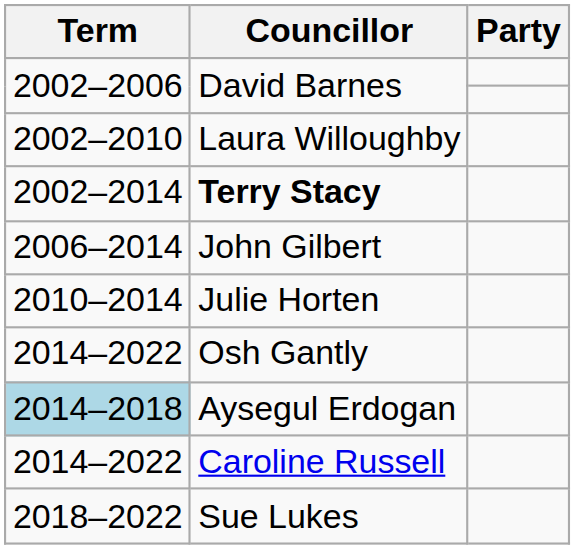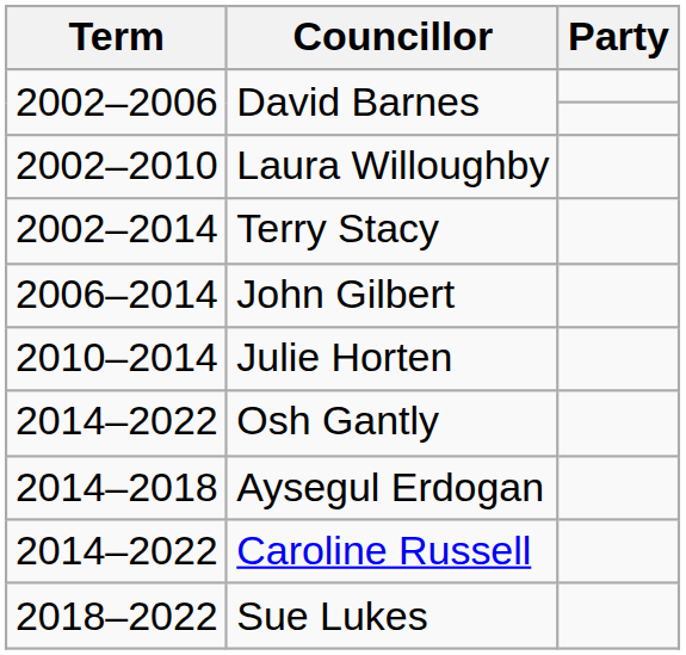 <table class="wikitable">
 <tr>
 <th>Term</th>
 <th>Councillor</th>
 <th colspan=2>Party</th>
 </tr>
 <tr>
 <td rowspan=2>2002–2006</td>
 <td rowspan=2>David Barnes</td>
 <td></td>
 </tr>
 <tr>
 <td></td>
 </tr>
 <tr>
 <td>2002–2010</td>
 <td>Laura Willoughby</td>
 <td></td>
 </tr>
 <tr>
 <td>2002–2014</td>
-<td><strong>Terry Stacy</strong></td>
+<td>Terry Stacy</td>
 <td></td>
 </tr>
 <tr>
 <td>2006–2014</td>
 <td>John Gilbert</td>
 <td></td>
 </tr>
 <tr>
 <td>2010–2014</td>
 <td>Julie Horten</td>
 <td></td>
 </tr>
 <tr>
 <td>2014–2022</td>
 <td>Osh Gantly</td>
 <td></td>
 </tr>
 <tr>
-<td style="background: lightblue;">2014–2018</td>
+<td>2014–2018</td>
 <td>Aysegul Erdogan</td>
 <td></td>
 </tr>
 <tr>
 <td>2014–2022</td>
 <td><a href='#'>Caroline Russell</a></td>
 <td></td>
 </tr>
 <tr>
 <td>2018–2022</td>
 <td>Sue Lukes</td>
 <td></td>
 </tr>
 </table>
